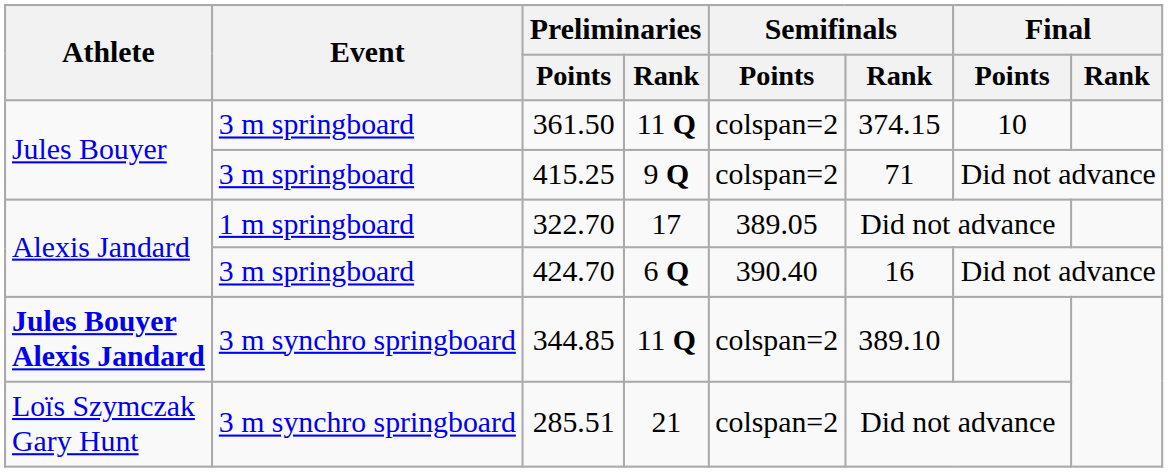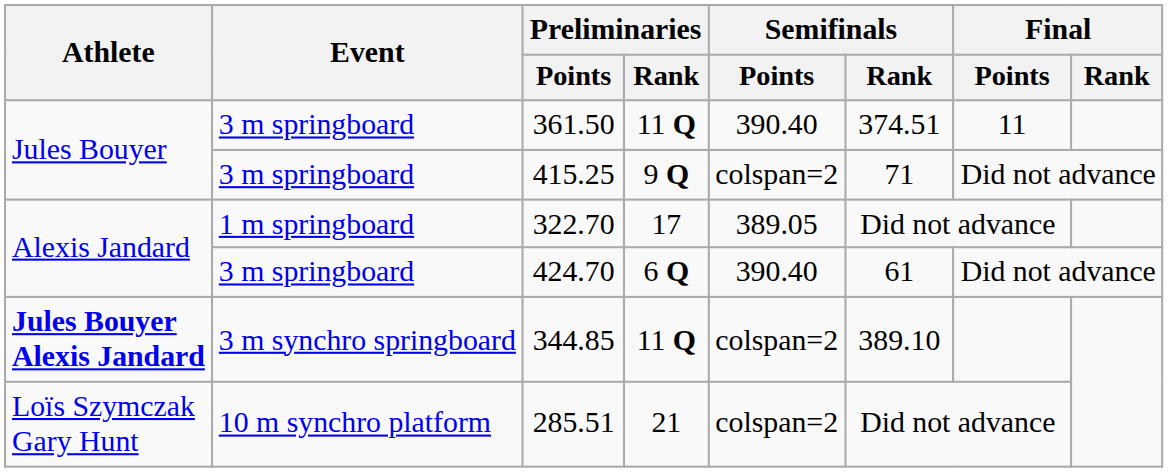 <table class="wikitable" style="text-align:center; font-size:90%;">
 <tr>
 <th rowspan=2>Athlete</th>
 <th rowspan=2>Event</th>
 <th colspan=2>Preliminaries</th>
 <th colspan=2>Semifinals</th>
 <th colspan=2>Final</th>
 </tr>
 <tr style="font-size:95%">
 <th>Points</th>
 <th>Rank</th>
 <th>Points</th>
 <th>Rank</th>
 <th>Points</th>
 <th>Rank</th>
 </tr>
 <tr>
 <td align=left rowspan=2><a href='#'>Jules Bouyer</a></td>
 <td align=left><a href='#'>3 m springboard</a></td>
 <td>361.50</td>
 <td>11 <strong>Q</strong></td>
-<td>colspan=2 </td>
-<td>374.15</td>
-<td>10</td>
+<td>390.40</td>
+<td>374.51</td>
+<td>11</td>
 </tr>
 <tr>
 <td align=left><a href='#'>3 m springboard</a></td>
 <td>415.25</td>
 <td>9 <strong>Q</strong></td>
 <td>colspan=2 </td>
 <td>71</td>
 <td colspan=2>Did not advance</td>
 </tr>
 <tr>
 <td align=left rowspan=2><a href='#'>Alexis Jandard</a></td>
 <td align=left><a href='#'>1 m springboard</a></td>
 <td>322.70</td>
 <td>17</td>
 <td>389.05</td>
 <td colspan=2>Did not advance</td>
 </tr>
 <tr>
 <td align=left><a href='#'>3 m springboard</a></td>
 <td>424.70</td>
 <td>6 <strong>Q</strong></td>
 <td>390.40</td>
-<td>16</td>
+<td>61</td>
 <td colspan=2>Did not advance</td>
 </tr>
 <tr>
 <td align=left><strong><a href='#'>Jules Bouyer</a><br> <a href='#'>Alexis Jandard</a></strong></td>
 <td align=left><a href='#'>3 m synchro springboard</a></td>
 <td>344.85</td>
 <td>11 <strong>Q</strong></td>
 <td>colspan=2 </td>
 <td>389.10</td>
 <td></td>
 </tr>
 <tr>
 <td align=left><a href='#'>Loïs Szymczak</a><br> <a href='#'>Gary Hunt</a></td>
-<td align=left><a href='#'>3 m synchro springboard</a></td>
+<td align=left><a href='#'>10 m synchro platform</a></td>
 <td>285.51</td>
 <td>21</td>
 <td>colspan=2 </td>
 <td colspan=2>Did not advance</td>
 </tr>
 </table>
